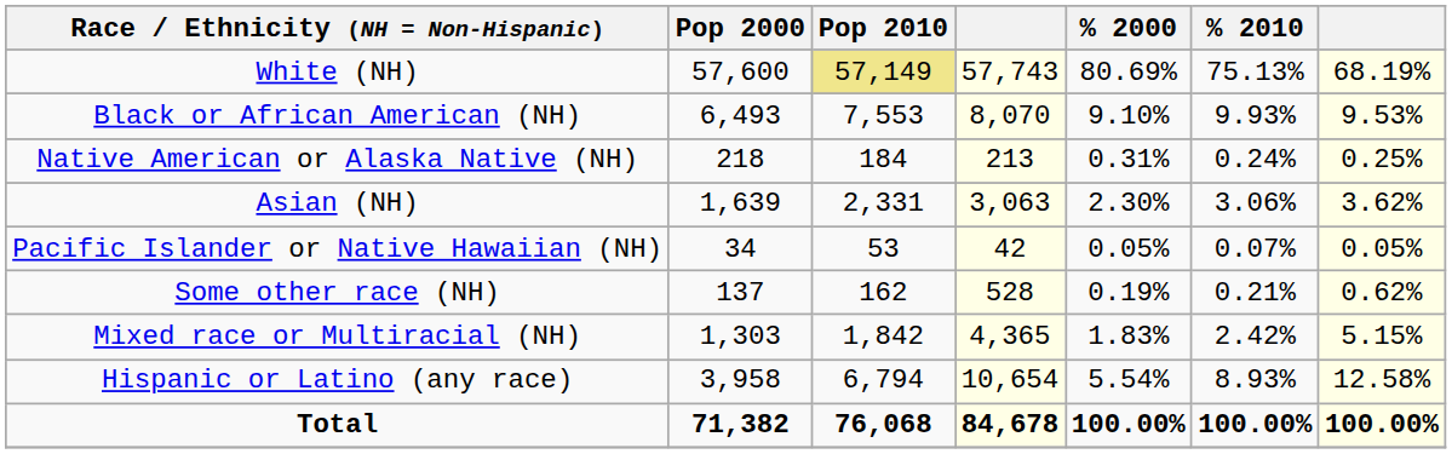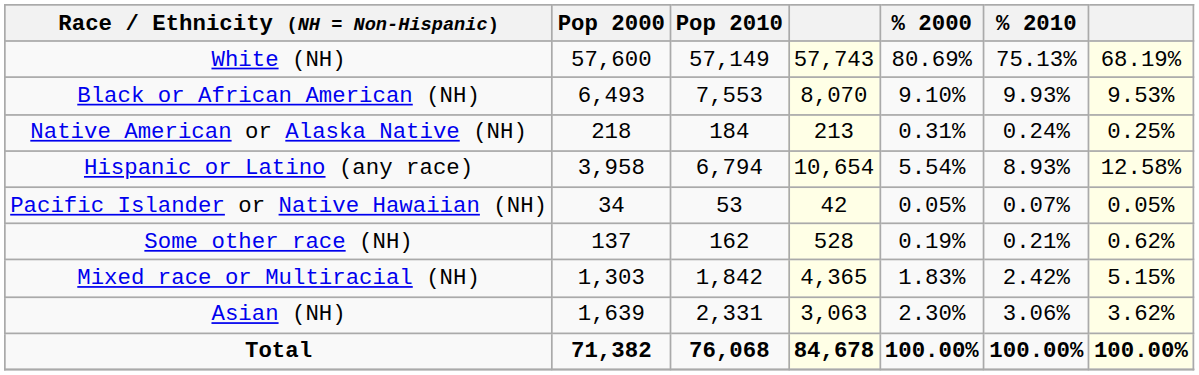 <table class="wikitable" style="text-align:center;">
 <tr>
 <th>Race / Ethnicity <small>(<em>NH = Non-Hispanic</em>)</small></th>
 <th>Pop 2000</th>
 <th>Pop 2010</th>
 <th></th>
 <th>% 2000</th>
 <th>% 2010</th>
 <th></th>
 </tr>
 <tr>
 <td><a href='#'>White</a> (NH)</td>
 <td>57,600</td>
-<td style="background: khaki;">57,149</td>
+<td>57,149</td>
 <td style='background: #ffffe6;'>57,743</td>
 <td>80.69%</td>
 <td>75.13%</td>
 <td style='background: #ffffe6;'>68.19%</td>
 </tr>
 <tr>
 <td><a href='#'>Black or African American</a> (NH)</td>
 <td>6,493</td>
 <td>7,553</td>
 <td style='background: #ffffe6;'>8,070</td>
 <td>9.10%</td>
 <td>9.93%</td>
 <td style='background: #ffffe6;'>9.53%</td>
 </tr>
 <tr>
 <td><a href='#'>Native American</a> or <a href='#'>Alaska Native</a> (NH)</td>
 <td>218</td>
 <td>184</td>
 <td style='background: #ffffe6;'>213</td>
 <td>0.31%</td>
 <td>0.24%</td>
 <td style='background: #ffffe6;'>0.25%</td>
 </tr>
 <tr>
-<td><a href='#'>Asian</a> (NH)</td>
-<td>1,639</td>
-<td>2,331</td>
-<td style='background: #ffffe6;'>3,063</td>
-<td>2.30%</td>
-<td>3.06%</td>
-<td style='background: #ffffe6;'>3.62%</td>
+<td><a href='#'>Hispanic or Latino</a> (any race)</td>
+<td>3,958</td>
+<td>6,794</td>
+<td style='background: #ffffe6;'>10,654</td>
+<td>5.54%</td>
+<td>8.93%</td>
+<td style='background: #ffffe6;'>12.58%</td>
 </tr>
 <tr>
 <td><a href='#'>Pacific Islander</a> or <a href='#'>Native Hawaiian</a> (NH)</td>
 <td>34</td>
 <td>53</td>
 <td style='background: #ffffe6;'>42</td>
 <td>0.05%</td>
 <td>0.07%</td>
 <td style='background: #ffffe6;'>0.05%</td>
 </tr>
 <tr>
 <td><a href='#'>Some other race</a> (NH)</td>
 <td>137</td>
 <td>162</td>
 <td style='background: #ffffe6;'>528</td>
 <td>0.19%</td>
 <td>0.21%</td>
 <td style='background: #ffffe6;'>0.62%</td>
 </tr>
 <tr>
 <td><a href='#'>Mixed race or Multiracial</a> (NH)</td>
 <td>1,303</td>
 <td>1,842</td>
 <td style='background: #ffffe6;'>4,365</td>
 <td>1.83%</td>
 <td>2.42%</td>
 <td style='background: #ffffe6;'>5.15%</td>
 </tr>
 <tr>
-<td><a href='#'>Hispanic or Latino</a> (any race)</td>
-<td>3,958</td>
-<td>6,794</td>
-<td style='background: #ffffe6;'>10,654</td>
-<td>5.54%</td>
-<td>8.93%</td>
-<td style='background: #ffffe6;'>12.58%</td>
+<td><a href='#'>Asian</a> (NH)</td>
+<td>1,639</td>
+<td>2,331</td>
+<td style='background: #ffffe6;'>3,063</td>
+<td>2.30%</td>
+<td>3.06%</td>
+<td style='background: #ffffe6;'>3.62%</td>
 </tr>
 <tr>
 <td><strong>Total</strong></td>
 <td><strong>71,382</strong></td>
 <td><strong>76,068</strong></td>
 <td style='background: #ffffe6;'><strong>84,678</strong></td>
 <td><strong>100.00%</strong></td>
 <td><strong>100.00%</strong></td>
 <td style='background: #ffffe6;'><strong>100.00%</strong></td>
 </tr>
 <tr>
 </tr>
 </table>
